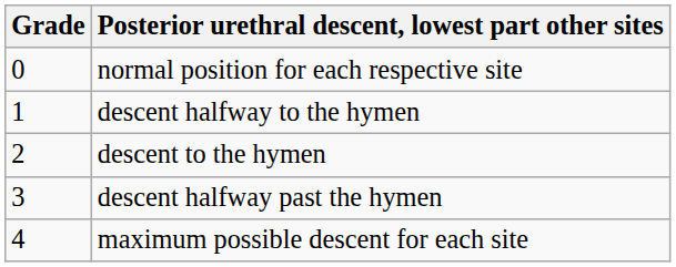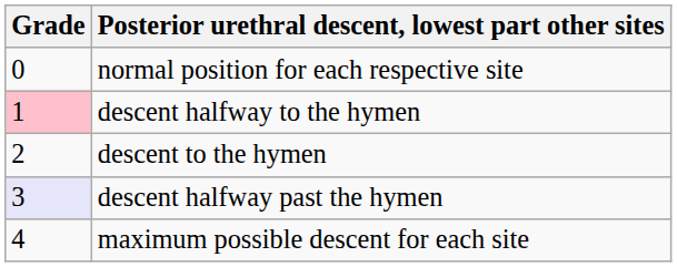 <table class="wikitable">
 <tr>
 <th>Grade</th>
 <th>Posterior urethral descent, lowest part other sites</th>
 </tr>
 <tr>
 <td>0</td>
 <td>normal position for each respective site</td>
 </tr>
 <tr>
-<td>1</td>
+<td style="background: pink;">1</td>
 <td>descent halfway to the hymen</td>
 </tr>
 <tr>
 <td>2</td>
 <td>descent to the hymen</td>
 </tr>
 <tr>
-<td>3</td>
+<td style="background: lavender;">3</td>
 <td>descent halfway past the hymen</td>
 </tr>
 <tr>
 <td>4</td>
 <td>maximum possible descent for each site</td>
 </tr>
 </table>
